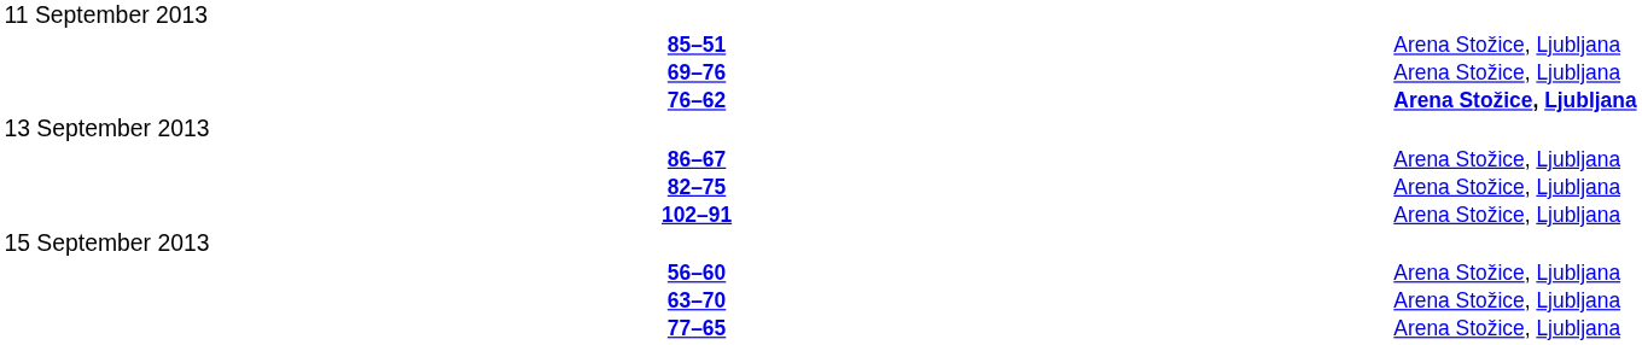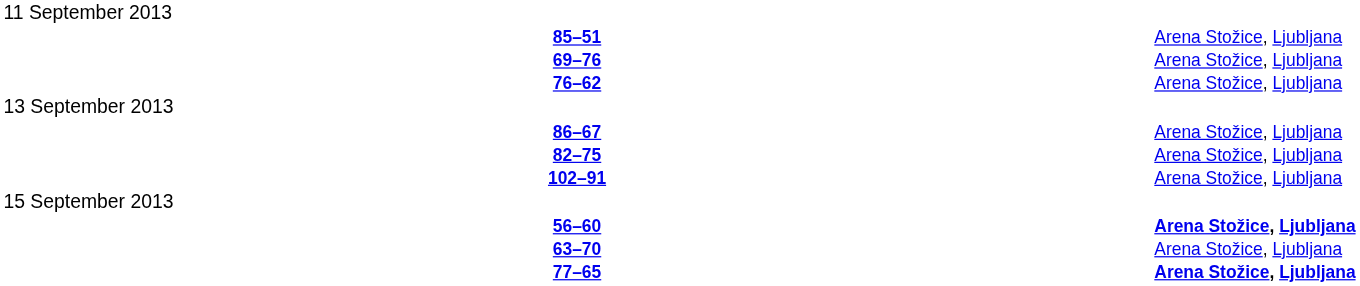 <table style="width:100%;" cellspacing="1">
 <tr>
 <th width=24%></th>
 <th width=3%></th>
 <th width=6%></th>
 <th width=3%></th>
 <th width=24%></th>
 </tr>
 <tr>
 <td>11 September 2013</td>
 </tr>
 <tr style=font-size:90%>
 <td align=right><strong></strong></td>
 <td></td>
 <td align=center><strong><a href='#'>85–51</a></strong></td>
 <td></td>
 <td><strong></strong></td>
 <td><a href='#'>Arena Stožice</a>, <a href='#'>Ljubljana</a></td>
 </tr>
 <tr style=font-size:90%>
 <td align=right><strong></strong></td>
 <td></td>
 <td align=center><strong><a href='#'>69–76</a></strong></td>
 <td></td>
 <td><strong></strong></td>
 <td><a href='#'>Arena Stožice</a>, <a href='#'>Ljubljana</a></td>
 </tr>
 <tr style=font-size:90%>
 <td align=right><strong></strong></td>
 <td></td>
 <td align=center><strong><a href='#'>76–62</a></strong></td>
 <td></td>
 <td><strong></strong></td>
-<td><strong><a href='#'>Arena Stožice</a>, <a href='#'>Ljubljana</a></strong></td>
+<td><a href='#'>Arena Stožice</a>, <a href='#'>Ljubljana</a></td>
 </tr>
 <tr>
 <td>13 September 2013</td>
 </tr>
 <tr style=font-size:90%>
 <td align=right><strong></strong></td>
 <td></td>
 <td align=center><strong><a href='#'>86–67</a></strong></td>
 <td></td>
 <td><strong></strong></td>
 <td><a href='#'>Arena Stožice</a>, <a href='#'>Ljubljana</a></td>
 </tr>
 <tr style=font-size:90%>
 <td align=right><strong></strong></td>
 <td></td>
 <td align=center><strong><a href='#'>82–75</a></strong></td>
 <td></td>
 <td><strong></strong></td>
 <td><a href='#'>Arena Stožice</a>, <a href='#'>Ljubljana</a></td>
 </tr>
 <tr style=font-size:90%>
 <td align=right><strong></strong></td>
 <td></td>
 <td align=center><strong><a href='#'>102–91</a></strong></td>
 <td></td>
 <td><strong></strong></td>
 <td><a href='#'>Arena Stožice</a>, <a href='#'>Ljubljana</a></td>
 </tr>
 <tr>
 <td>15 September 2013</td>
 </tr>
 <tr style=font-size:90%>
 <td align=right><strong></strong></td>
 <td></td>
 <td align=center><strong><a href='#'>56–60</a></strong></td>
 <td></td>
 <td><strong></strong></td>
-<td><a href='#'>Arena Stožice</a>, <a href='#'>Ljubljana</a></td>
+<td><strong><a href='#'>Arena Stožice</a>, <a href='#'>Ljubljana</a></strong></td>
 </tr>
 <tr style=font-size:90%>
 <td align=right><strong></strong></td>
 <td></td>
 <td align=center><strong><a href='#'>63–70</a></strong></td>
 <td></td>
 <td><strong></strong></td>
 <td><a href='#'>Arena Stožice</a>, <a href='#'>Ljubljana</a></td>
 </tr>
 <tr style=font-size:90%>
 <td align=right><strong></strong></td>
 <td></td>
 <td align=center><strong><a href='#'>77–65</a></strong></td>
 <td></td>
 <td><strong></strong></td>
-<td><a href='#'>Arena Stožice</a>, <a href='#'>Ljubljana</a></td>
+<td><strong><a href='#'>Arena Stožice</a>, <a href='#'>Ljubljana</a></strong></td>
 </tr>
 </table>
